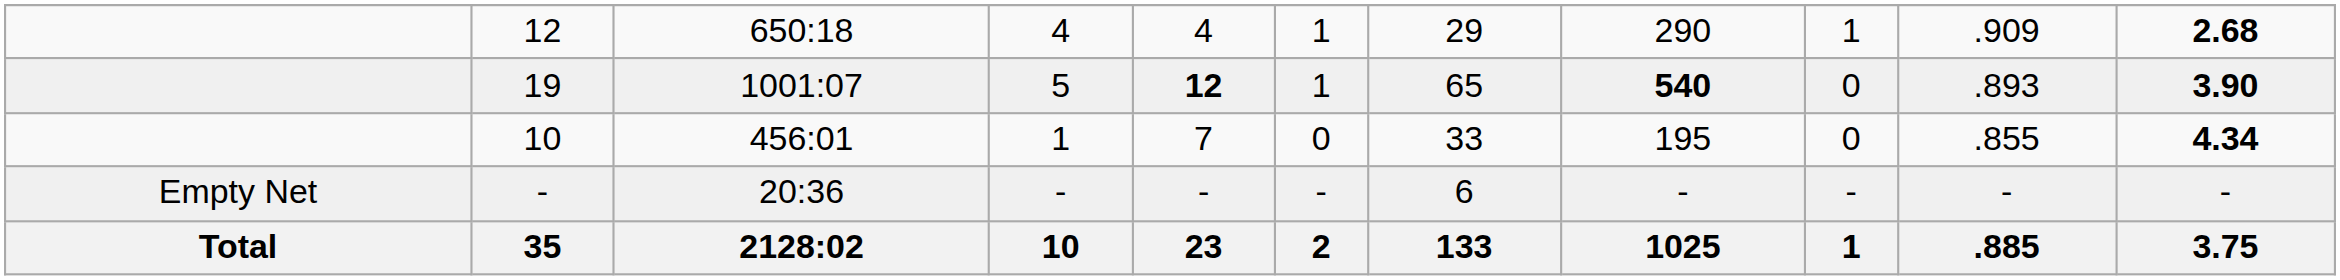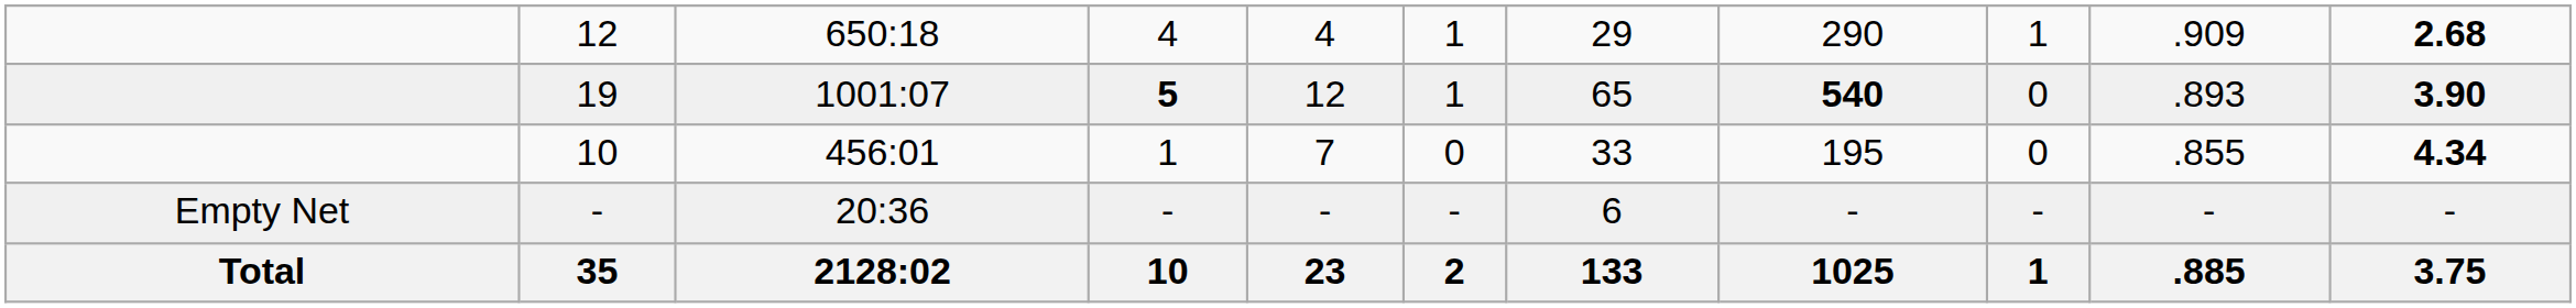 <table class="wikitable sortable" width="1100">
 <tr align="center">
 </tr>
 <tr align="center" bgcolor="">
 <td></td>
 <td>12</td>
 <td>650:18</td>
 <td>4</td>
 <td>4</td>
 <td>1</td>
 <td>29</td>
 <td>290</td>
 <td>1</td>
 <td>.909</td>
 <td><strong>2.68</strong></td>
 </tr>
 <tr align="center" bgcolor="f0f0f0">
 <td></td>
 <td>19</td>
 <td>1001:07</td>
-<td>5</td>
-<td><strong>12</strong></td>
+<td><strong>5</strong></td>
+<td>12</td>
 <td>1</td>
 <td>65</td>
 <td><strong>540</strong></td>
 <td>0</td>
 <td>.893</td>
 <td><strong>3.90</strong></td>
 </tr>
 <tr align="center" bgcolor="">
 <td></td>
 <td>10</td>
 <td>456:01</td>
 <td>1</td>
 <td>7</td>
 <td>0</td>
 <td>33</td>
 <td>195</td>
 <td>0</td>
 <td>.855</td>
 <td><strong>4.34</strong></td>
 </tr>
 <tr align="center" bgcolor="f0f0f0">
 <td>Empty Net</td>
 <td>-</td>
 <td>20:36</td>
 <td>-</td>
 <td>-</td>
 <td>-</td>
 <td>6</td>
 <td>-</td>
 <td>-</td>
 <td>-</td>
 <td>-</td>
 </tr>
 <tr>
 <th>Total</th>
 <th>35</th>
 <th>2128:02</th>
 <th>10</th>
 <th>23</th>
 <th>2</th>
 <th>133</th>
 <th>1025</th>
 <th>1</th>
 <th>.885</th>
 <th>3.75</th>
 </tr>
 </table>
